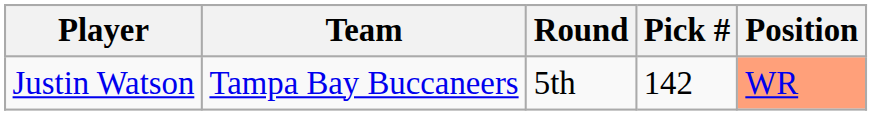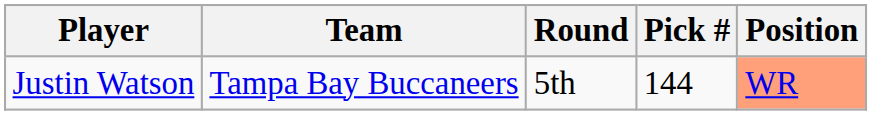 <table class="wikitable">
 <tr>
 <th>Player</th>
 <th>Team</th>
 <th>Round</th>
 <th>Pick #</th>
 <th>Position</th>
 </tr>
 <tr>
 <td><a href='#'>Justin Watson</a></td>
 <td><a href='#'>Tampa Bay Buccaneers</a></td>
 <td>5th</td>
-<td>142</td>
+<td>144</td>
 <td style="background: lightsalmon;"><a href='#'>WR</a></td>
 </tr>
 </table>
